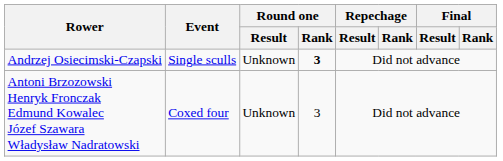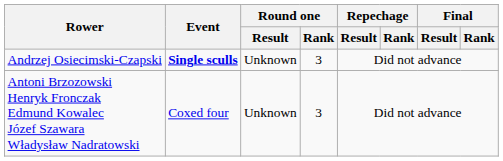 <table class=wikitable style="font-size:90%">
 <tr>
 <th rowspan=2>Rower</th>
 <th rowspan=2>Event</th>
 <th colspan=2>Round one</th>
 <th colspan=2>Repechage</th>
 <th colspan=2>Final</th>
 </tr>
 <tr>
 <th>Result</th>
 <th>Rank</th>
 <th>Result</th>
 <th>Rank</th>
 <th>Result</th>
 <th>Rank</th>
 </tr>
 <tr>
 <td><a href='#'>Andrzej Osiecimski-Czapski</a></td>
-<td><a href='#'>Single sculls</a></td>
+<td><strong><a href='#'>Single sculls</a></strong></td>
 <td align=center>Unknown</td>
-<td align=center><strong>3</strong></td>
+<td align=center>3</td>
 <td align=center colspan=4>Did not advance</td>
 </tr>
 <tr>
 <td><a href='#'>Antoni Brzozowski</a> <br> <a href='#'>Henryk Fronczak</a> <br> <a href='#'>Edmund Kowalec</a> <br> <a href='#'>Józef Szawara</a> <br> <a href='#'>Władysław Nadratowski</a></td>
 <td><a href='#'>Coxed four</a></td>
 <td align=center>Unknown</td>
 <td align=center>3</td>
 <td align=center colspan=4>Did not advance</td>
 </tr>
 </table>
